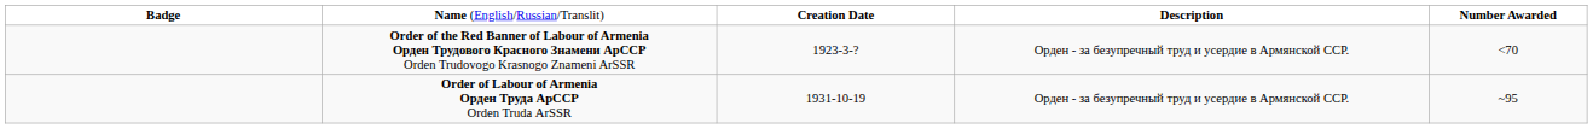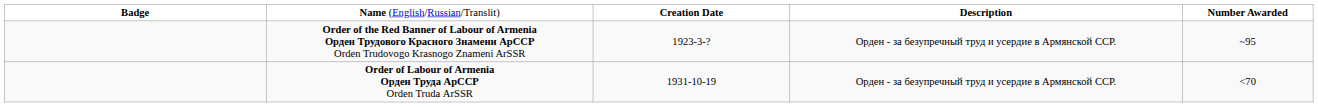 <table class="wikitable" width="100%" style="text-align:center;">
 <tr>
 <td width="20%" bgcolor="#FFFFFF"><strong>Badge</strong></td>
 <td width="25%" bgcolor="#FFFFFF"><strong>Name</strong> (<a href='#'>English</a>/<a href='#'>Russian</a>/Translit)</td>
 <td width="15%" bgcolor="#FFFFFF"><strong>Creation Date</strong></td>
 <td width="30%" bgcolor="#FFFFFF"><strong>Description</strong></td>
 <td width="10%" bgcolor="#FFFFFF"><strong>Number Awarded</strong></td>
 </tr>
 <tr>
 <td></td>
 <td><strong>Order of the Red Banner of Labour of Armenia</strong><br><strong>Орден Трудового Красного Знамени АрССР</strong><br>Orden Trudovogo Krasnogo Znameni ArSSR</td>
 <td>1923-3-?</td>
 <td>Орден - за безупречный труд и усердие в Армянской ССР.</td>
-<td><70</td>
+<td>~95</td>
 </tr>
 <tr>
 <td></td>
 <td><strong>Order of Labour of Armenia</strong><br><strong>Орден Труда АрССР</strong><br>Orden Trudа ArSSR</td>
 <td>1931-10-19</td>
 <td>Орден - за безупречный труд и усердие в Армянской ССР.</td>
-<td>~95</td>
+<td><70</td>
 </tr>
 </table>
